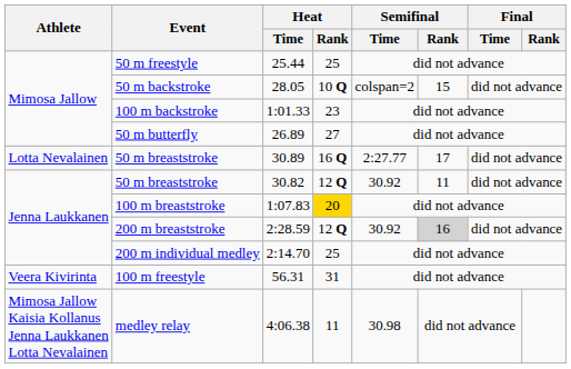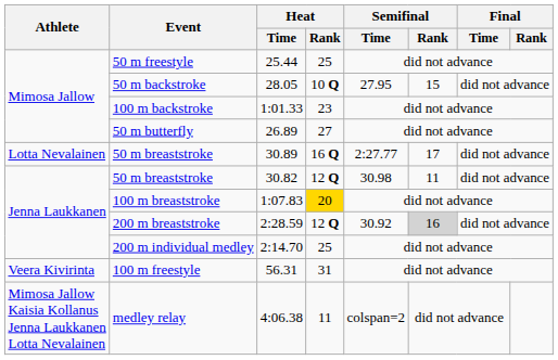 <table class=wikitable style="font-size:90%">
 <tr>
 <th rowspan="2">Athlete</th>
 <th rowspan="2">Event</th>
 <th colspan="2">Heat</th>
 <th colspan="2">Semifinal</th>
 <th colspan="2">Final</th>
 </tr>
 <tr style="font-size:95%">
 <th>Time</th>
 <th>Rank</th>
 <th>Time</th>
 <th>Rank</th>
 <th>Time</th>
 <th>Rank</th>
 </tr>
 <tr align=center>
 <td align=left rowspan=4><a href='#'>Mimosa Jallow</a></td>
 <td align=left><a href='#'>50 m freestyle</a></td>
 <td>25.44</td>
 <td>25</td>
 <td colspan=4>did not advance</td>
 </tr>
 <tr align=center>
 <td align=left><a href='#'>50 m backstroke</a></td>
 <td>28.05</td>
 <td>10 <strong>Q</strong></td>
-<td>colspan=2 </td>
+<td>27.95</td>
 <td>15</td>
 <td colspan=2>did not advance</td>
 </tr>
 <tr align=center>
 <td align=left><a href='#'>100 m backstroke</a></td>
 <td>1:01.33</td>
 <td>23</td>
 <td colspan=4>did not advance</td>
 </tr>
 <tr align=center>
 <td align=left><a href='#'>50 m butterfly</a></td>
 <td>26.89</td>
 <td>27</td>
 <td colspan=4>did not advance</td>
 </tr>
 <tr align=center>
 <td align=left><a href='#'>Lotta Nevalainen</a></td>
 <td align=left><a href='#'>50 m breaststroke</a></td>
 <td>30.89</td>
 <td>16 <strong>Q</strong></td>
 <td>2:27.77</td>
 <td>17</td>
 <td colspan=2>did not advance</td>
 </tr>
 <tr align=center>
 <td align=left rowspan=4><a href='#'>Jenna Laukkanen</a></td>
 <td align=left><a href='#'>50 m breaststroke</a></td>
 <td>30.82</td>
 <td>12 <strong>Q</strong></td>
-<td>30.92</td>
+<td>30.98</td>
 <td>11</td>
 <td colspan=2>did not advance</td>
 </tr>
 <tr align=center>
 <td align=left><a href='#'>100 m breaststroke</a></td>
 <td>1:07.83</td>
 <td style="background: gold;">20</td>
 <td colspan=4>did not advance</td>
 </tr>
 <tr align=center>
 <td align=left><a href='#'>200 m breaststroke</a></td>
 <td>2:28.59</td>
 <td>12 <strong>Q</strong></td>
 <td>30.92</td>
 <td style="background: lightgrey;">16</td>
 <td colspan=2>did not advance</td>
 </tr>
 <tr align=center>
 <td align=left><a href='#'>200 m individual medley</a></td>
 <td>2:14.70</td>
 <td>25</td>
 <td colspan=4>did not advance</td>
 </tr>
 <tr align=center>
 <td align=left><a href='#'>Veera Kivirinta</a></td>
 <td align=left><a href='#'>100 m freestyle</a></td>
 <td>56.31</td>
 <td>31</td>
 <td colspan=4>did not advance</td>
 </tr>
 <tr align=center>
 <td align=left><a href='#'>Mimosa Jallow</a><br><a href='#'>Kaisia Kollanus</a><br><a href='#'>Jenna Laukkanen</a><br><a href='#'>Lotta Nevalainen</a></td>
 <td align=left><a href='#'> medley relay</a></td>
 <td>4:06.38</td>
 <td>11</td>
-<td>30.98</td>
+<td>colspan=2 </td>
 <td colspan=2>did not advance</td>
 </tr>
 </table>
